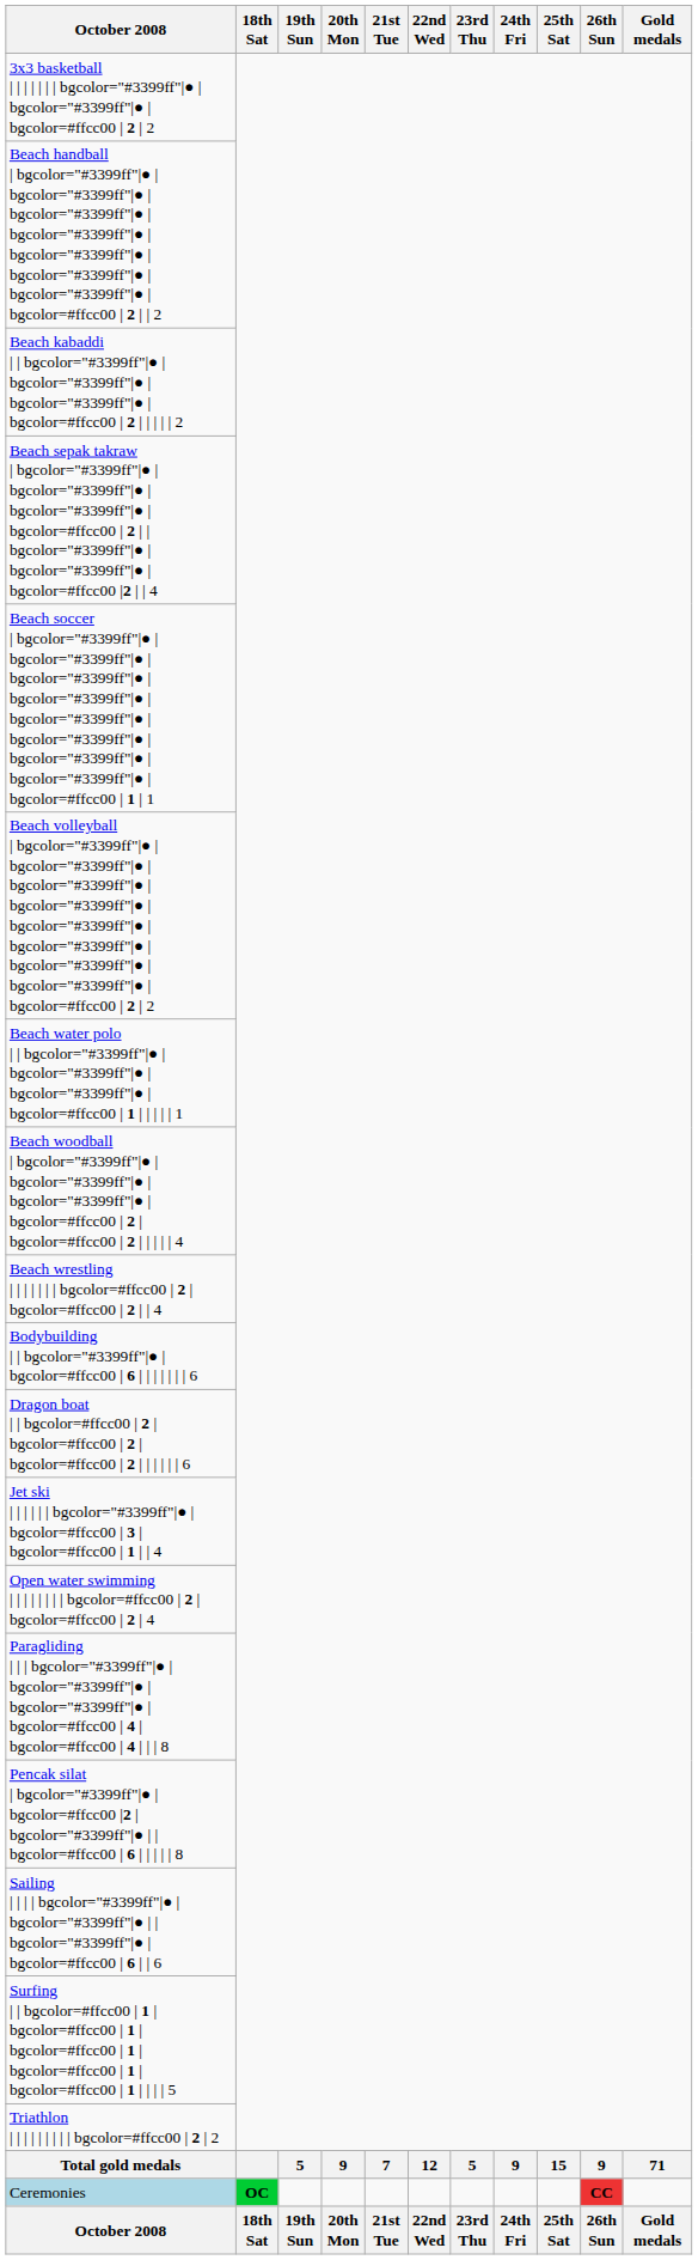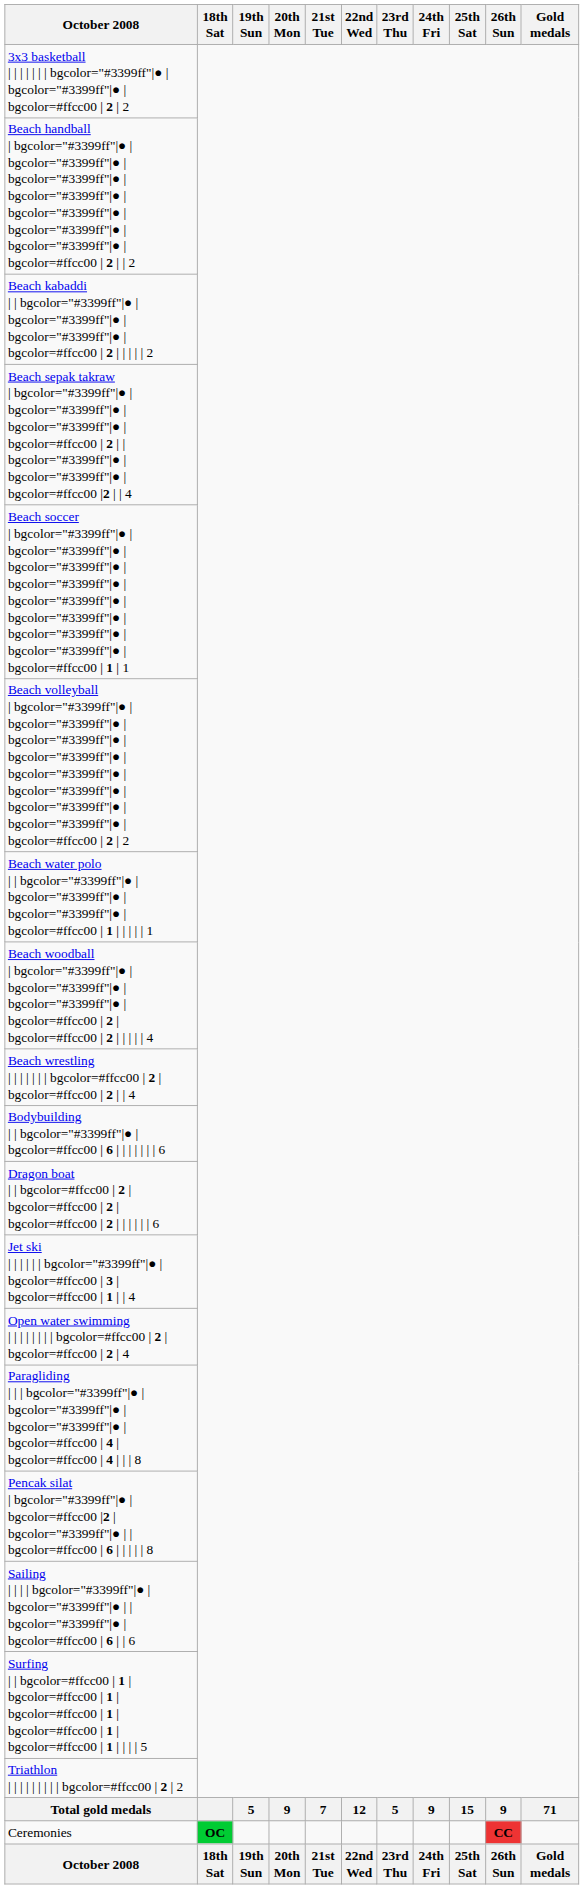 <table class="wikitable" style="margin:0.5em auto; font-size:90%; line-height:1.25em;">
 <tr>
 <th width=200>October 2008</th>
 <th width=32>18th<br>Sat</th>
 <th width=32>19th<br>Sun</th>
 <th width=32>20th<br>Mon</th>
 <th width=32>21st<br>Tue</th>
 <th width=32>22nd<br>Wed</th>
 <th width=32>23rd<br>Thu</th>
 <th width=32>24th<br>Fri</th>
 <th width=32>25th<br>Sat</th>
 <th width=32>26th<br>Sun</th>
 <th width=55>Gold<br>medals</th>
 </tr>
 <tr align="center">
 <td align="left"> <a href='#'>3x3 basketball</a><br>|   |  |   |   |   |  | bgcolor="#3399ff"|● | bgcolor="#3399ff"|● | bgcolor=#ffcc00 | <strong>2</strong> | 2</td>
 </tr>
 <tr align="center">
 <td align="left"> <a href='#'>Beach handball</a><br>| bgcolor="#3399ff"|● | bgcolor="#3399ff"|● | bgcolor="#3399ff"|● | bgcolor="#3399ff"|● | bgcolor="#3399ff"|● | bgcolor="#3399ff"|● | bgcolor="#3399ff"|● | bgcolor=#ffcc00 | <strong>2</strong> |  | 2</td>
 </tr>
 <tr align="center">
 <td align="left"> <a href='#'>Beach kabaddi</a><br>|  | bgcolor="#3399ff"|● | bgcolor="#3399ff"|● | bgcolor="#3399ff"|● | bgcolor=#ffcc00 | <strong>2</strong> |  |  |  |  | 2</td>
 </tr>
 <tr align="center">
 <td align="left"> <a href='#'>Beach sepak takraw</a><br>| bgcolor="#3399ff"|● | bgcolor="#3399ff"|● | bgcolor="#3399ff"|● | bgcolor=#ffcc00 | <strong>2</strong> |  | bgcolor="#3399ff"|● | bgcolor="#3399ff"|● | bgcolor=#ffcc00 |<strong>2</strong> |  | 4</td>
 </tr>
 <tr align="center">
 <td align="left"> <a href='#'>Beach soccer</a><br>| bgcolor="#3399ff"|● | bgcolor="#3399ff"|● | bgcolor="#3399ff"|● | bgcolor="#3399ff"|● | bgcolor="#3399ff"|● | bgcolor="#3399ff"|● | bgcolor="#3399ff"|● | bgcolor="#3399ff"|● | bgcolor=#ffcc00 | <strong>1</strong> | 1</td>
 </tr>
 <tr align="center">
 <td align="left"> <a href='#'>Beach volleyball</a><br>| bgcolor="#3399ff"|● | bgcolor="#3399ff"|● | bgcolor="#3399ff"|●  | bgcolor="#3399ff"|●  | bgcolor="#3399ff"|● | bgcolor="#3399ff"|●  | bgcolor="#3399ff"|●  | bgcolor="#3399ff"|●  | bgcolor=#ffcc00 | <strong>2</strong> | 2</td>
 </tr>
 <tr align="center">
 <td align="left"> <a href='#'>Beach water polo</a><br>|  | bgcolor="#3399ff"|● | bgcolor="#3399ff"|● | bgcolor="#3399ff"|● | bgcolor=#ffcc00 | <strong>1</strong> |  |  |  |  | 1</td>
 </tr>
 <tr align="center">
 <td align="left"> <a href='#'>Beach woodball</a><br>| bgcolor="#3399ff"|● | bgcolor="#3399ff"|● | bgcolor="#3399ff"|● | bgcolor=#ffcc00 | <strong>2</strong> | bgcolor=#ffcc00 | <strong>2</strong> | |  |  |  | 4</td>
 </tr>
 <tr align="center">
 <td align="left"> <a href='#'>Beach wrestling</a><br>|  |  |  |  |  |  | bgcolor=#ffcc00 | <strong>2</strong> | bgcolor=#ffcc00 | <strong>2</strong> |  | 4</td>
 </tr>
 <tr align="center">
 <td align="left"> <a href='#'>Bodybuilding</a><br>|  | bgcolor="#3399ff"|● | bgcolor=#ffcc00 | <strong>6</strong> |  |  |  |  |  |  | 6</td>
 </tr>
 <tr align="center">
 <td align="left"> <a href='#'>Dragon boat</a><br>|  | bgcolor=#ffcc00 | <strong>2</strong> | bgcolor=#ffcc00 | <strong>2</strong> | bgcolor=#ffcc00 | <strong>2</strong> |  |  |  |  |  | 6</td>
 </tr>
 <tr align="center">
 <td align="left"> <a href='#'>Jet ski</a><br>|  |  |  |  |  | bgcolor="#3399ff"|● | bgcolor=#ffcc00 | <strong>3</strong> | bgcolor=#ffcc00 | <strong>1</strong> |  | 4</td>
 </tr>
 <tr align="center">
 <td align="left"> <a href='#'>Open water swimming</a><br>|   |  |   |   |   |  |  | bgcolor=#ffcc00 | <strong>2</strong> | bgcolor=#ffcc00 | <strong>2</strong> | 4</td>
 </tr>
 <tr align="center">
 <td align="left"> <a href='#'>Paragliding</a><br>|  |  | bgcolor="#3399ff"|● | bgcolor="#3399ff"|● | bgcolor="#3399ff"|● | bgcolor=#ffcc00 | <strong>4</strong> | bgcolor=#ffcc00 | <strong>4</strong> |  |  | 8</td>
 </tr>
 <tr align="center">
 <td align="left"> <a href='#'>Pencak silat</a><br>| bgcolor="#3399ff"|● | bgcolor=#ffcc00 |<strong>2</strong> | bgcolor="#3399ff"|● |   | bgcolor=#ffcc00 | <strong>6</strong> |  |  |  |  | 8</td>
 </tr>
 <tr align="center">
 <td align="left"> <a href='#'>Sailing</a><br>|  |  |  | bgcolor="#3399ff"|● | bgcolor="#3399ff"|● | | bgcolor="#3399ff"|● | bgcolor=#ffcc00 | <strong>6</strong> |  | 6</td>
 </tr>
 <tr align="center">
 <td align="left"> <a href='#'>Surfing</a><br>|  | bgcolor=#ffcc00 | <strong>1</strong> | bgcolor=#ffcc00 | <strong>1</strong> | bgcolor=#ffcc00 | <strong>1</strong> | bgcolor=#ffcc00 | <strong>1</strong> | bgcolor=#ffcc00 | <strong>1</strong> |  |  |  | 5</td>
 </tr>
 <tr align="center">
 <td align="left"> <a href='#'>Triathlon</a><br>|   |  |   |   |   |  |  |  | bgcolor=#ffcc00 | <strong>2</strong> | 2</td>
 </tr>
 <tr>
 <th>Total gold medals</th>
 <th></th>
 <th>5</th>
 <th>9</th>
 <th>7</th>
 <th>12</th>
 <th>5</th>
 <th>9</th>
 <th>15</th>
 <th>9</th>
 <th>71</th>
 </tr>
 <tr>
-<td style="background: lightblue;">Ceremonies</td>
+<td>Ceremonies</td>
 <td bgcolor=#00cc33 align=center><strong>OC</strong></td>
 <td></td>
 <td></td>
 <td></td>
 <td></td>
 <td></td>
 <td></td>
 <td></td>
 <td bgcolor=#ee3333 align=center><strong>CC</strong></td>
 <td></td>
 </tr>
 <tr>
 <th width=200>October 2008</th>
 <th width=32>18th<br>Sat</th>
 <th width=32>19th<br>Sun</th>
 <th width=32>20th<br>Mon</th>
 <th width=32>21st<br>Tue</th>
 <th width=32>22nd<br>Wed</th>
 <th width=32>23rd<br>Thu</th>
 <th width=32>24th<br>Fri</th>
 <th width=32>25th<br>Sat</th>
 <th width=32>26th<br>Sun</th>
 <th width=55>Gold<br>medals</th>
 </tr>
 </table>
